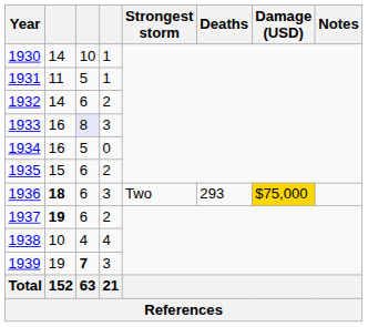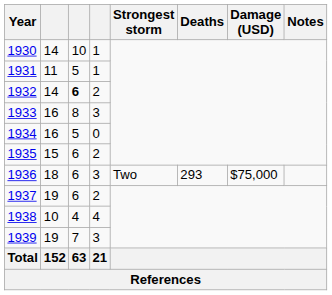 <table class="wikitable sortable">
 <tr>
 <th>Year</th>
 <th></th>
 <th></th>
 <th></th>
 <th>Strongest<br>storm</th>
 <th>Deaths</th>
 <th>Damage<br>(USD)</th>
 <th>Notes</th>
 </tr>
 <tr>
 <td><a href='#'>1930</a></td>
 <td>14</td>
 <td>10</td>
 <td>1</td>
 </tr>
 <tr>
 <td><a href='#'>1931</a></td>
 <td>11</td>
 <td>5</td>
 <td>1</td>
 </tr>
 <tr>
 <td><a href='#'>1932</a></td>
 <td>14</td>
-<td>6</td>
+<td><strong>6</strong></td>
 <td>2</td>
 </tr>
 <tr>
 <td><a href='#'>1933</a></td>
 <td>16</td>
-<td style="background: lavender;">8</td>
+<td>8</td>
 <td>3</td>
 </tr>
 <tr>
 <td><a href='#'>1934</a></td>
 <td>16</td>
 <td>5</td>
 <td>0</td>
 </tr>
 <tr>
 <td><a href='#'>1935</a></td>
 <td>15</td>
 <td>6</td>
 <td>2</td>
 </tr>
 <tr>
 <td><a href='#'>1936</a></td>
-<td><strong>18</strong></td>
+<td>18</td>
 <td>6</td>
 <td>3</td>
 <td>Two</td>
 <td>293</td>
-<td style="background: gold;">$75,000</td>
+<td>$75,000</td>
 <td></td>
 </tr>
 <tr>
 <td><a href='#'>1937</a></td>
-<td><strong>19</strong></td>
+<td>19</td>
 <td>6</td>
 <td>2</td>
 </tr>
 <tr>
 <td><a href='#'>1938</a></td>
 <td>10</td>
 <td>4</td>
 <td>4</td>
 </tr>
 <tr>
 <td><a href='#'>1939</a></td>
 <td>19</td>
-<td><strong>7</strong></td>
+<td>7</td>
 <td>3</td>
 </tr>
 <tr>
 <th>Total</th>
 <th>152</th>
 <th>63</th>
 <th>21</th>
 <th colspan="4"></th>
 </tr>
 <tr class="unsortable">
 <th colspan="8">References</th>
 </tr>
 </table>
